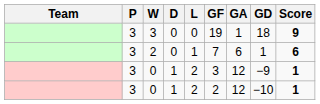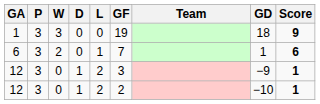 <table class="wikitable" style="text-align:center;">
 <tr>
-<th width=150>Team</th>
+<th width=20>GA</th>
 <th width=20>P</th>
 <th width=20>W</th>
 <th width=20>D</th>
 <th width=20>L</th>
 <th width=20>GF</th>
-<th width=20>GA</th>
+<th width=150>Team</th>
 <th width=20>GD</th>
 <th width=20>Score</th>
 </tr>
 <tr>
-<td align="left" bgcolor="#ccffcc"></td>
+<td>1</td>
 <td>3</td>
 <td>3</td>
 <td>0</td>
 <td>0</td>
 <td>19</td>
-<td>1</td>
+<td align="left" bgcolor="#ccffcc"></td>
 <td>18</td>
 <td><strong>9</strong></td>
 </tr>
 <tr>
-<td align="left" bgcolor="#ccffcc"></td>
+<td>6</td>
 <td>3</td>
 <td>2</td>
 <td>0</td>
 <td>1</td>
 <td>7</td>
-<td>6</td>
+<td align="left" bgcolor="#ccffcc"></td>
 <td>1</td>
 <td><strong>6</strong></td>
 </tr>
 <tr>
-<td align="left" bgcolor="#ffcccc"></td>
+<td>12</td>
 <td>3</td>
 <td>0</td>
 <td>1</td>
 <td>2</td>
 <td>3</td>
-<td>12</td>
+<td align="left" bgcolor="#ffcccc"></td>
 <td>−9</td>
 <td><strong>1</strong></td>
 </tr>
 <tr>
-<td align="left" bgcolor="#ffcccc"></td>
+<td>12</td>
 <td>3</td>
 <td>0</td>
 <td>1</td>
 <td>2</td>
 <td>2</td>
-<td>12</td>
+<td align="left" bgcolor="#ffcccc"></td>
 <td>−10</td>
 <td><strong>1</strong></td>
 </tr>
 </table>
